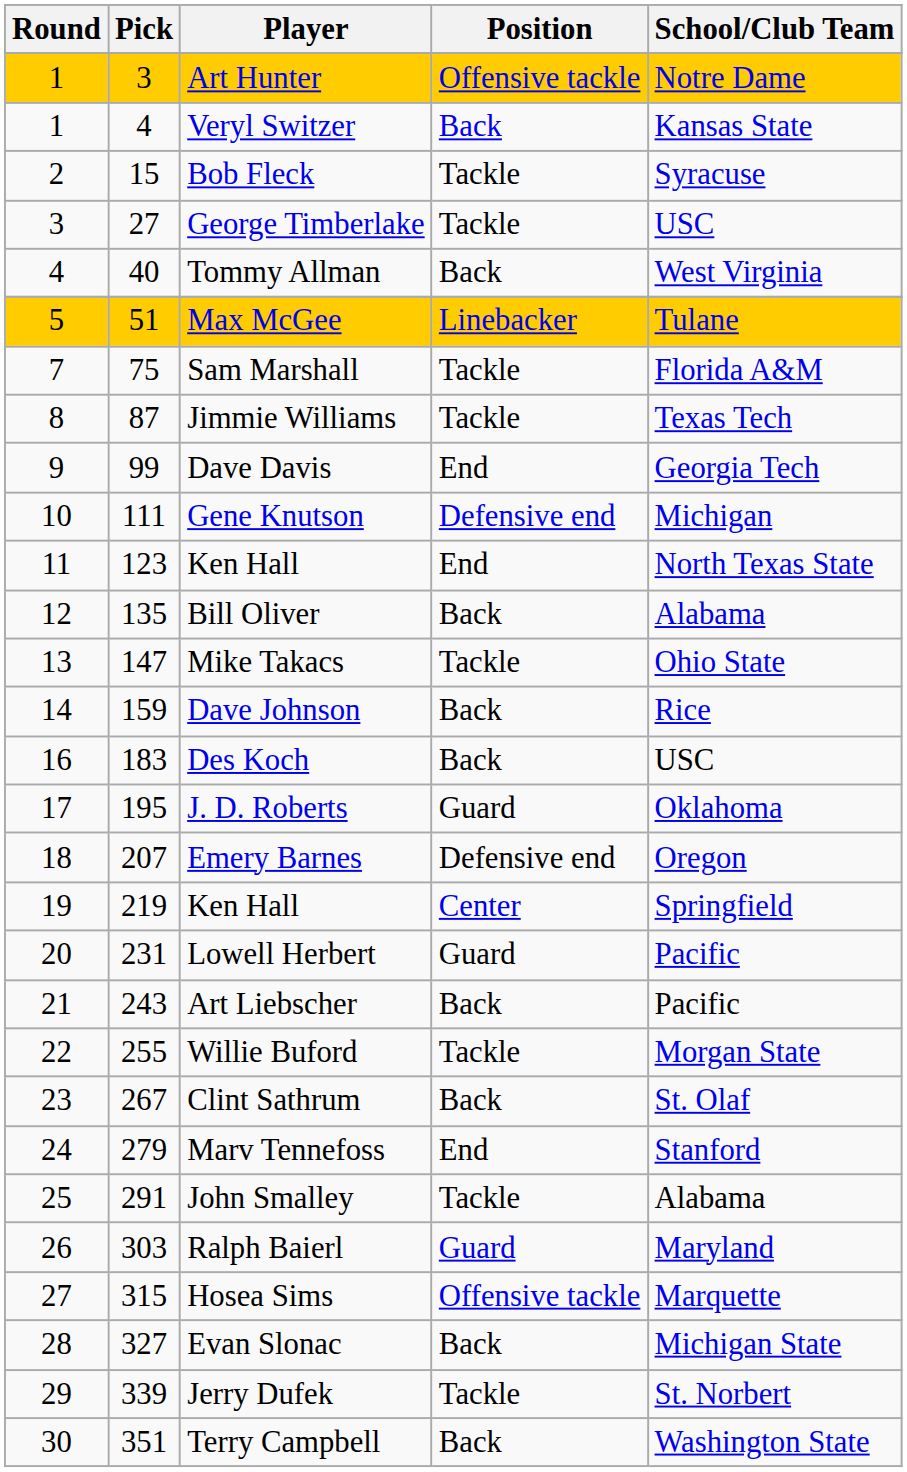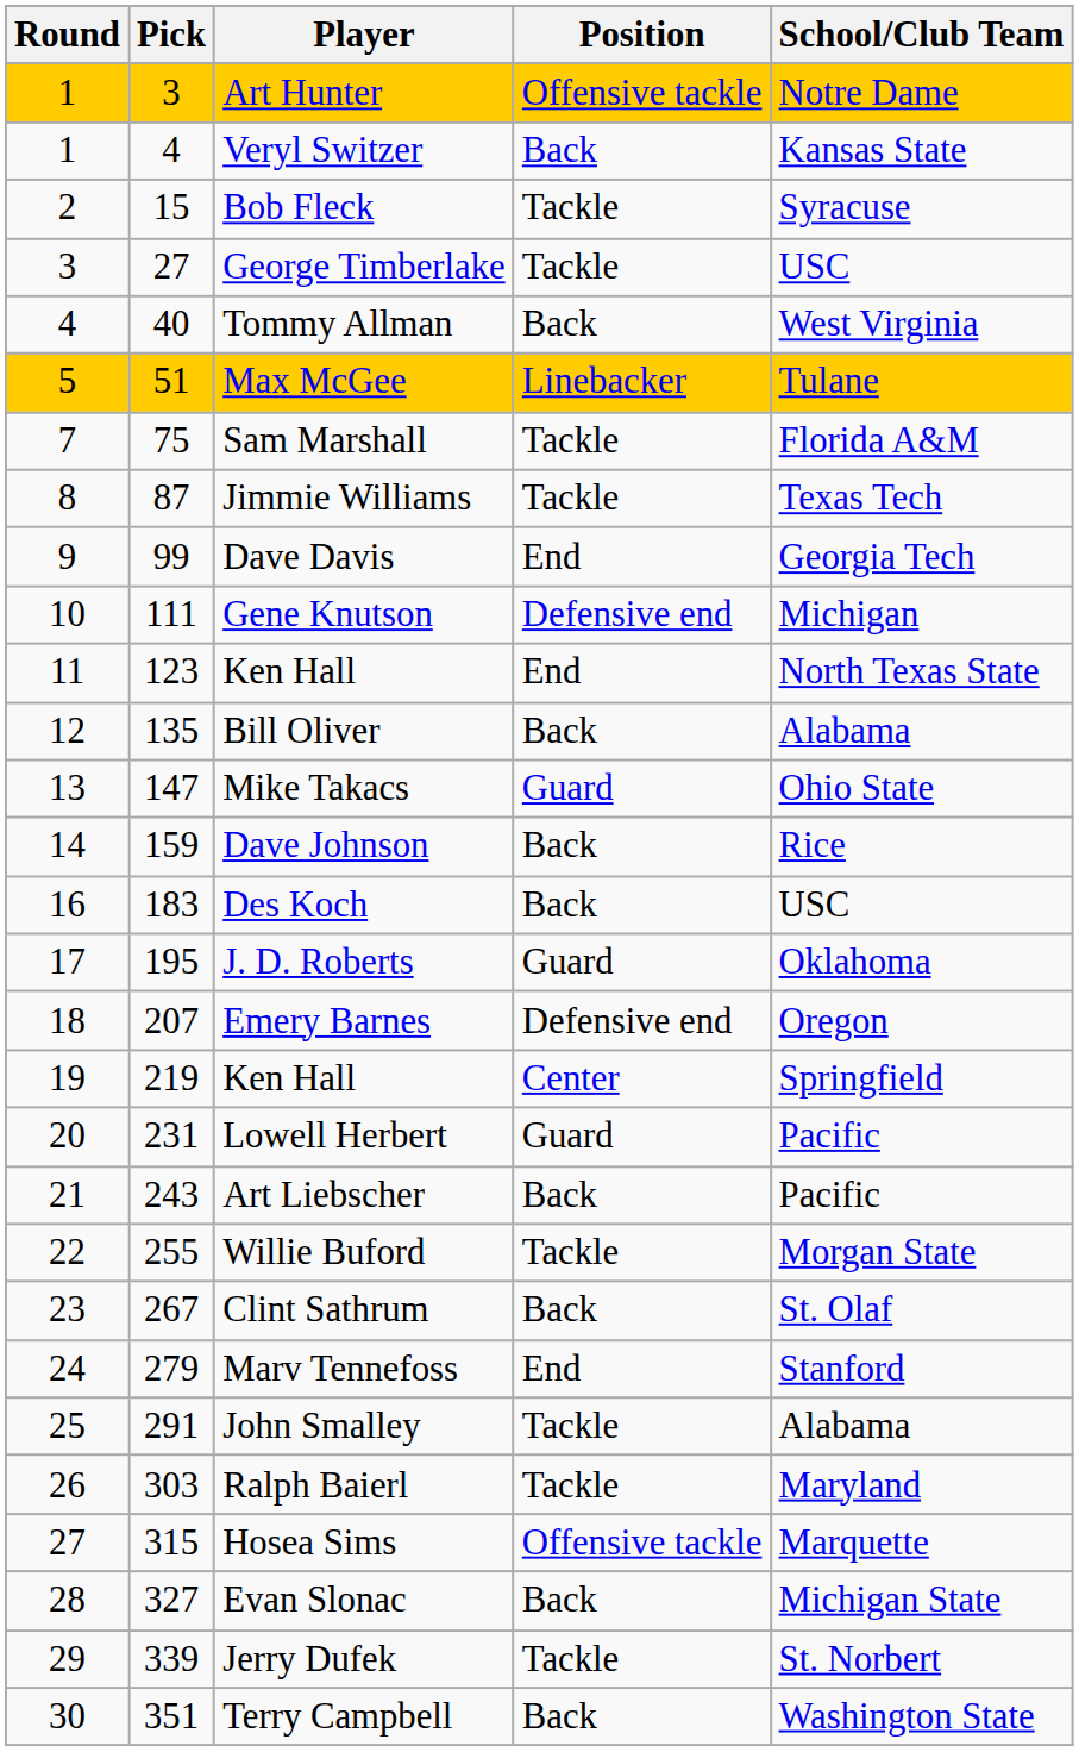 <table class="wikitable sortable sortable">
 <tr>
 <th>Round</th>
 <th>Pick</th>
 <th>Player</th>
 <th>Position</th>
 <th>School/Club Team</th>
 </tr>
 <tr>
 </tr>
 <tr bgcolor="#FFCC00">
 <td align=center>1</td>
 <td align=center>3</td>
 <td><a href='#'>Art Hunter</a></td>
 <td><a href='#'>Offensive tackle</a></td>
 <td><a href='#'>Notre Dame</a></td>
 </tr>
 <tr>
 <td align=center>1</td>
 <td align=center>4</td>
 <td><a href='#'>Veryl Switzer</a></td>
 <td><a href='#'>Back</a></td>
 <td><a href='#'>Kansas State</a></td>
 </tr>
 <tr>
 <td align=center>2</td>
 <td align=center>15</td>
 <td><a href='#'>Bob Fleck</a></td>
 <td>Tackle</td>
 <td><a href='#'>Syracuse</a></td>
 </tr>
 <tr>
 <td align=center>3</td>
 <td align=center>27</td>
 <td><a href='#'>George Timberlake</a></td>
 <td>Tackle</td>
 <td><a href='#'>USC</a></td>
 </tr>
 <tr>
 <td align=center>4</td>
 <td align=center>40</td>
 <td>Tommy Allman</td>
 <td>Back</td>
 <td><a href='#'>West Virginia</a></td>
 </tr>
 <tr>
 </tr>
 <tr bgcolor="#FFCC00">
 <td align=center>5</td>
 <td align=center>51</td>
 <td><a href='#'>Max McGee</a></td>
 <td><a href='#'>Linebacker</a></td>
 <td><a href='#'>Tulane</a></td>
 </tr>
 <tr>
 <td align=center>7</td>
 <td align=center>75</td>
 <td>Sam Marshall</td>
 <td>Tackle</td>
 <td><a href='#'>Florida A&M</a></td>
 </tr>
 <tr>
 <td align=center>8</td>
 <td align=center>87</td>
 <td>Jimmie Williams</td>
 <td>Tackle</td>
 <td><a href='#'>Texas Tech</a></td>
 </tr>
 <tr>
 <td align=center>9</td>
 <td align=center>99</td>
 <td>Dave Davis</td>
 <td>End</td>
 <td><a href='#'>Georgia Tech</a></td>
 </tr>
 <tr>
 <td align=center>10</td>
 <td align=center>111</td>
 <td><a href='#'>Gene Knutson</a></td>
 <td><a href='#'>Defensive end</a></td>
 <td><a href='#'>Michigan</a></td>
 </tr>
 <tr>
 <td align=center>11</td>
 <td align=center>123</td>
 <td>Ken Hall</td>
 <td>End</td>
 <td><a href='#'>North Texas State</a></td>
 </tr>
 <tr>
 <td align=center>12</td>
 <td align=center>135</td>
 <td>Bill Oliver</td>
 <td>Back</td>
 <td><a href='#'>Alabama</a></td>
 </tr>
 <tr>
 <td align=center>13</td>
 <td align=center>147</td>
 <td>Mike Takacs</td>
-<td>Tackle</td>
+<td><a href='#'>Guard</a></td>
 <td><a href='#'>Ohio State</a></td>
 </tr>
 <tr>
 <td align=center>14</td>
 <td align=center>159</td>
 <td><a href='#'>Dave Johnson</a></td>
 <td>Back</td>
 <td><a href='#'>Rice</a></td>
 </tr>
 <tr>
 <td align=center>16</td>
 <td align=center>183</td>
 <td><a href='#'>Des Koch</a></td>
 <td>Back</td>
 <td>USC</td>
 </tr>
 <tr>
 <td align=center>17</td>
 <td align=center>195</td>
 <td><a href='#'>J. D. Roberts</a></td>
 <td>Guard</td>
 <td><a href='#'>Oklahoma</a></td>
 </tr>
 <tr>
 <td align=center>18</td>
 <td align=center>207</td>
 <td><a href='#'>Emery Barnes</a></td>
 <td>Defensive end</td>
 <td><a href='#'>Oregon</a></td>
 </tr>
 <tr>
 <td align=center>19</td>
 <td align=center>219</td>
 <td>Ken Hall</td>
 <td><a href='#'>Center</a></td>
 <td><a href='#'>Springfield</a></td>
 </tr>
 <tr>
 <td align=center>20</td>
 <td align=center>231</td>
 <td>Lowell Herbert</td>
 <td>Guard</td>
 <td><a href='#'>Pacific</a></td>
 </tr>
 <tr>
 <td align=center>21</td>
 <td align=center>243</td>
 <td>Art Liebscher</td>
 <td>Back</td>
 <td>Pacific</td>
 </tr>
 <tr>
 <td align=center>22</td>
 <td align=center>255</td>
 <td>Willie Buford</td>
 <td>Tackle</td>
 <td><a href='#'>Morgan State</a></td>
 </tr>
 <tr>
 <td align=center>23</td>
 <td align=center>267</td>
 <td>Clint Sathrum</td>
 <td>Back</td>
 <td><a href='#'>St. Olaf</a></td>
 </tr>
 <tr>
 <td align=center>24</td>
 <td align=center>279</td>
 <td>Marv Tennefoss</td>
 <td>End</td>
 <td><a href='#'>Stanford</a></td>
 </tr>
 <tr>
 <td align=center>25</td>
 <td align=center>291</td>
 <td>John Smalley</td>
 <td>Tackle</td>
 <td>Alabama</td>
 </tr>
 <tr>
 <td align=center>26</td>
 <td align=center>303</td>
 <td>Ralph Baierl</td>
-<td><a href='#'>Guard</a></td>
+<td>Tackle</td>
 <td><a href='#'>Maryland</a></td>
 </tr>
 <tr>
 <td align=center>27</td>
 <td align=center>315</td>
 <td>Hosea Sims</td>
 <td><a href='#'>Offensive tackle</a></td>
 <td><a href='#'>Marquette</a></td>
 </tr>
 <tr>
 <td align=center>28</td>
 <td align=center>327</td>
 <td>Evan Slonac</td>
 <td>Back</td>
 <td><a href='#'>Michigan State</a></td>
 </tr>
 <tr>
 <td align=center>29</td>
 <td align=center>339</td>
 <td>Jerry Dufek</td>
 <td>Tackle</td>
 <td><a href='#'>St. Norbert</a></td>
 </tr>
 <tr>
 <td align=center>30</td>
 <td align=center>351</td>
 <td>Terry Campbell</td>
 <td>Back</td>
 <td><a href='#'>Washington State</a></td>
 </tr>
 </table>
